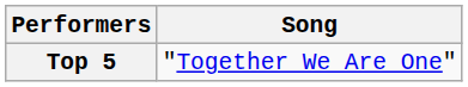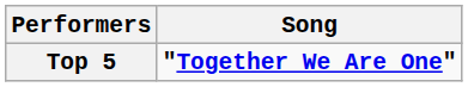 <table class="wikitable unsortable" style="text-align:center;">
 <tr>
 <th scope="col">Performers</th>
 <th scope="col">Song</th>
 </tr>
 <tr>
 <th scope="row">Top 5</th>
-<td>"<a href='#'>Together We Are One</a>"</td>
+<td><strong>"<a href='#'>Together We Are One</a>"</strong></td>
 </tr>
 </table>
